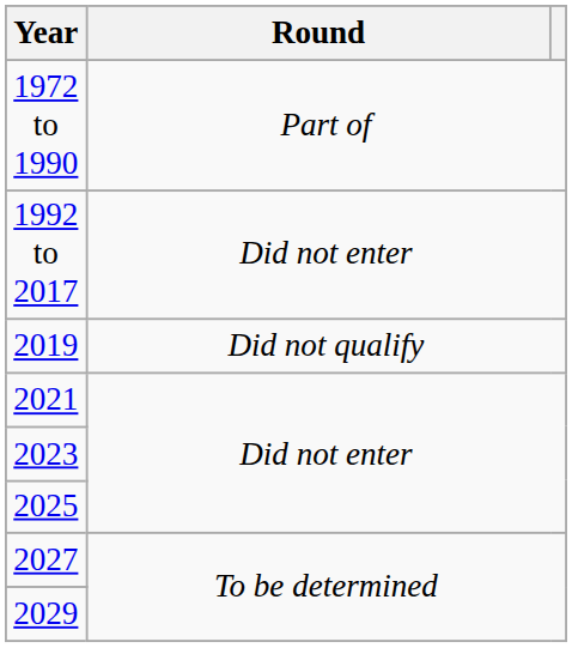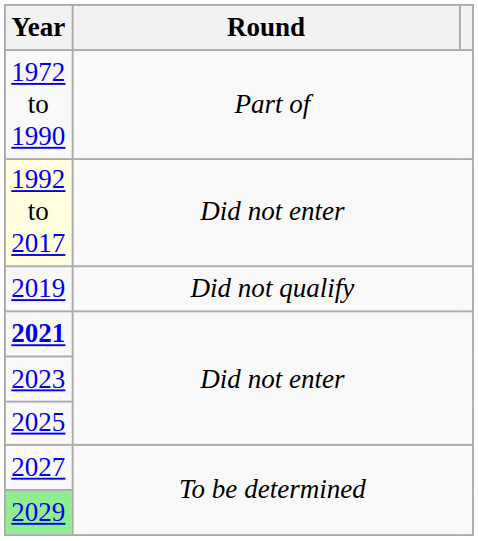 <table class="wikitable" style="text-align: center; font-size:90%">
 <tr>
 <th>Year</th>
 <th style="width:200px">Round</th>
 <th></th>
 </tr>
 <tr>
 <td><a href='#'>1972</a><br>to<br><a href='#'>1990</a></td>
 <td colspan="2"><em>Part of </em></td>
 </tr>
 <tr>
-<td><a href='#'>1992</a><br>to<br><a href='#'>2017</a></td>
+<td style="background: lightyellow;"><a href='#'>1992</a><br>to<br><a href='#'>2017</a></td>
 <td colspan="2"><em>Did not enter</em></td>
 </tr>
 <tr>
 <td><a href='#'>2019</a></td>
 <td colspan="2"><em>Did not qualify</em></td>
 </tr>
 <tr>
-<td><a href='#'>2021</a></td>
+<td><strong><a href='#'>2021</a></strong></td>
 <td colspan="2" rowspan="3"><em>Did not enter</em></td>
 </tr>
 <tr>
 <td><a href='#'>2023</a></td>
 </tr>
 <tr>
 <td><a href='#'>2025</a></td>
 </tr>
 <tr>
 <td><a href='#'>2027</a></td>
 <td colspan="2" rowspan="2"><em>To be determined</em></td>
 </tr>
 <tr>
-<td><a href='#'>2029</a></td>
+<td style="background: lightgreen;"><a href='#'>2029</a></td>
 </tr>
 </table>
